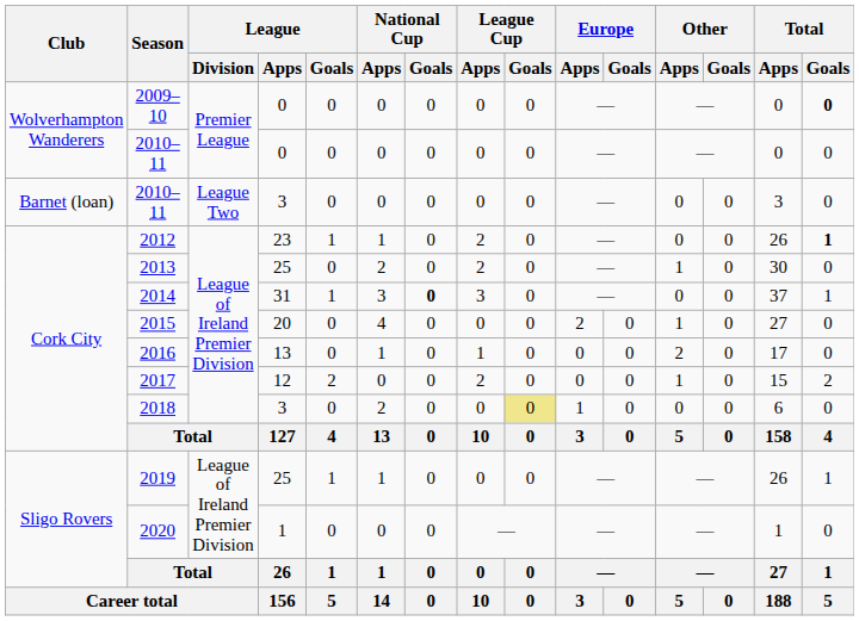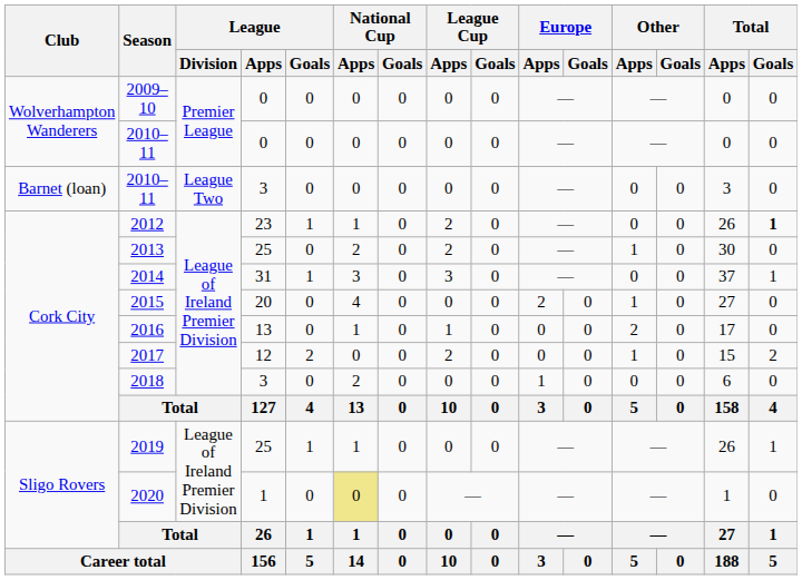 <table class="wikitable" style="text-align:center">
 <tr>
 <th rowspan="2">Club</th>
 <th rowspan="2">Season</th>
 <th colspan="3">League</th>
 <th colspan="2">National Cup</th>
 <th colspan="2">League Cup</th>
 <th colspan="2"><a href='#'>Europe</a></th>
 <th colspan="2">Other</th>
 <th colspan="2">Total</th>
 </tr>
 <tr>
 <th>Division</th>
 <th>Apps</th>
 <th>Goals</th>
 <th>Apps</th>
 <th>Goals</th>
 <th>Apps</th>
 <th>Goals</th>
 <th>Apps</th>
 <th>Goals</th>
 <th>Apps</th>
 <th>Goals</th>
 <th>Apps</th>
 <th>Goals</th>
 </tr>
 <tr>
 <td rowspan="2"><a href='#'>Wolverhampton Wanderers</a></td>
 <td><a href='#'>2009–10</a></td>
 <td rowspan="2"><a href='#'>Premier League</a></td>
 <td>0</td>
 <td>0</td>
 <td>0</td>
 <td>0</td>
 <td>0</td>
 <td>0</td>
 <td colspan="2">—</td>
 <td colspan="2">—</td>
 <td>0</td>
-<td><strong>0</strong></td>
+<td>0</td>
 </tr>
 <tr>
 <td><a href='#'>2010–11</a></td>
 <td>0</td>
 <td>0</td>
 <td>0</td>
 <td>0</td>
 <td>0</td>
 <td>0</td>
 <td colspan="2">—</td>
 <td colspan="2">—</td>
 <td>0</td>
 <td>0</td>
 </tr>
 <tr>
 <td><a href='#'>Barnet</a> (loan)</td>
 <td><a href='#'>2010–11</a></td>
 <td><a href='#'>League Two</a></td>
 <td>3</td>
 <td>0</td>
 <td>0</td>
 <td>0</td>
 <td>0</td>
 <td>0</td>
 <td colspan="2">—</td>
 <td>0</td>
 <td>0</td>
 <td>3</td>
 <td>0</td>
 </tr>
 <tr>
 <td rowspan="8"><a href='#'>Cork City</a></td>
 <td><a href='#'>2012</a></td>
 <td rowspan="7"><a href='#'>League of Ireland Premier Division</a></td>
 <td>23</td>
 <td>1</td>
 <td>1</td>
 <td>0</td>
 <td>2</td>
 <td>0</td>
 <td colspan="2">—</td>
 <td>0</td>
 <td>0</td>
 <td>26</td>
 <td><strong>1</strong></td>
 </tr>
 <tr>
 <td><a href='#'>2013</a></td>
 <td>25</td>
 <td>0</td>
 <td>2</td>
 <td>0</td>
 <td>2</td>
 <td>0</td>
 <td colspan="2">—</td>
 <td>1</td>
 <td>0</td>
 <td>30</td>
 <td>0</td>
 </tr>
 <tr>
 <td><a href='#'>2014</a></td>
 <td>31</td>
 <td>1</td>
 <td>3</td>
-<td><strong>0</strong></td>
+<td>0</td>
 <td>3</td>
 <td>0</td>
 <td colspan="2">—</td>
 <td>0</td>
 <td>0</td>
 <td>37</td>
 <td>1</td>
 </tr>
 <tr>
 <td><a href='#'>2015</a></td>
 <td>20</td>
 <td>0</td>
 <td>4</td>
 <td>0</td>
 <td>0</td>
 <td>0</td>
 <td>2</td>
 <td>0</td>
 <td>1</td>
 <td>0</td>
 <td>27</td>
 <td>0</td>
 </tr>
 <tr>
 <td><a href='#'>2016</a></td>
 <td>13</td>
 <td>0</td>
 <td>1</td>
 <td>0</td>
 <td>1</td>
 <td>0</td>
 <td>0</td>
 <td>0</td>
 <td>2</td>
 <td>0</td>
 <td>17</td>
 <td>0</td>
 </tr>
 <tr>
 <td><a href='#'>2017</a></td>
 <td>12</td>
 <td>2</td>
 <td>0</td>
 <td>0</td>
 <td>2</td>
 <td>0</td>
 <td>0</td>
 <td>0</td>
 <td>1</td>
 <td>0</td>
 <td>15</td>
 <td>2</td>
 </tr>
 <tr>
 <td><a href='#'>2018</a></td>
 <td>3</td>
 <td>0</td>
 <td>2</td>
 <td>0</td>
 <td>0</td>
-<td style="background: khaki;">0</td>
+<td>0</td>
 <td>1</td>
 <td>0</td>
 <td>0</td>
 <td>0</td>
 <td>6</td>
 <td>0</td>
 </tr>
 <tr>
 <th colspan="2">Total</th>
 <th>127</th>
 <th>4</th>
 <th>13</th>
 <th>0</th>
 <th>10</th>
 <th>0</th>
 <th>3</th>
 <th>0</th>
 <th>5</th>
 <th>0</th>
 <th>158</th>
 <th>4</th>
 </tr>
 <tr>
 <td rowspan="3"><a href='#'>Sligo Rovers</a></td>
 <td><a href='#'>2019</a></td>
 <td rowspan="2">League of Ireland Premier Division</td>
 <td>25</td>
 <td>1</td>
 <td>1</td>
 <td>0</td>
 <td>0</td>
 <td>0</td>
 <td colspan="2">—</td>
 <td colspan="2">—</td>
 <td>26</td>
 <td>1</td>
 </tr>
 <tr>
 <td><a href='#'>2020</a></td>
 <td>1</td>
 <td>0</td>
-<td>0</td>
+<td style="background: khaki;">0</td>
 <td>0</td>
 <td colspan="2">—</td>
 <td colspan="2">—</td>
 <td colspan="2">—</td>
 <td>1</td>
 <td>0</td>
 </tr>
 <tr>
 <th colspan="2">Total</th>
 <th>26</th>
 <th>1</th>
 <th>1</th>
 <th>0</th>
 <th>0</th>
 <th>0</th>
 <th colspan="2">—</th>
 <th colspan="2">—</th>
 <th>27</th>
 <th>1</th>
 </tr>
 <tr>
 <th colspan="3">Career total</th>
 <th>156</th>
 <th>5</th>
 <th>14</th>
 <th>0</th>
 <th>10</th>
 <th>0</th>
 <th>3</th>
 <th>0</th>
 <th>5</th>
 <th>0</th>
 <th>188</th>
 <th>5</th>
 </tr>
 </table>
